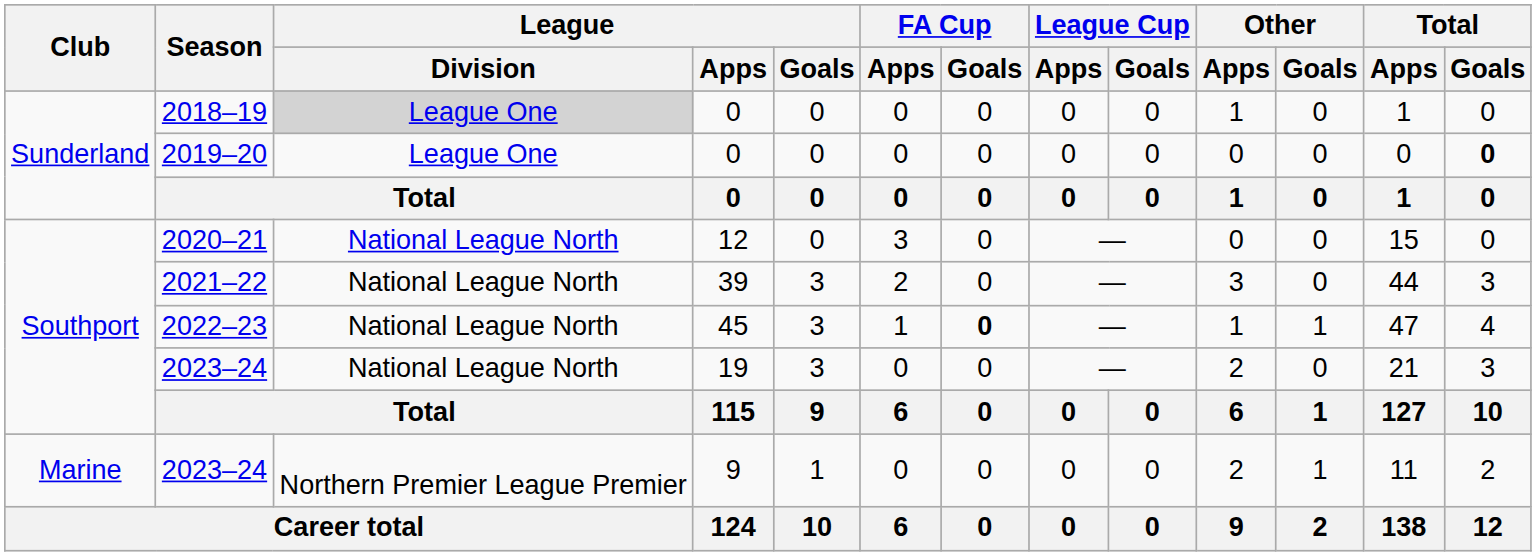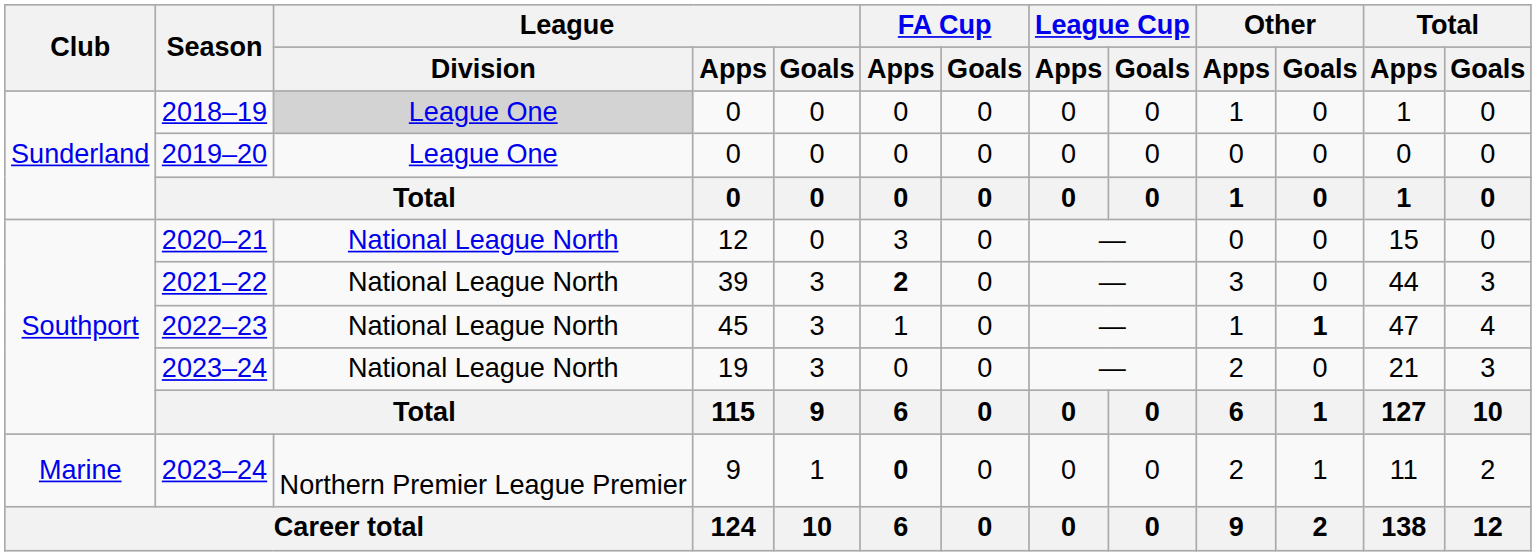 <table class="wikitable" style="text-align: center">
 <tr>
 <th rowspan="2">Club</th>
 <th rowspan="2">Season</th>
 <th colspan="3">League</th>
 <th colspan="2"><a href='#'>FA Cup</a></th>
 <th colspan="2"><a href='#'>League Cup</a></th>
 <th colspan="2">Other</th>
 <th colspan="2">Total</th>
 </tr>
 <tr>
 <th>Division</th>
 <th>Apps</th>
 <th>Goals</th>
 <th>Apps</th>
 <th>Goals</th>
 <th>Apps</th>
 <th>Goals</th>
 <th>Apps</th>
 <th>Goals</th>
 <th>Apps</th>
 <th>Goals</th>
 </tr>
 <tr>
 <td rowspan="3"><a href='#'>Sunderland</a></td>
 <td><a href='#'>2018–19</a></td>
 <td style="background: lightgrey;"><a href='#'>League One</a></td>
 <td>0</td>
 <td>0</td>
 <td>0</td>
 <td>0</td>
 <td>0</td>
 <td>0</td>
 <td>1</td>
 <td>0</td>
 <td>1</td>
 <td>0</td>
 </tr>
 <tr>
 <td><a href='#'>2019–20</a></td>
 <td><a href='#'>League One</a></td>
 <td>0</td>
 <td>0</td>
 <td>0</td>
 <td>0</td>
 <td>0</td>
 <td>0</td>
 <td>0</td>
 <td>0</td>
 <td>0</td>
-<td><strong>0</strong></td>
+<td>0</td>
 </tr>
 <tr>
 <th colspan="2">Total</th>
 <th>0</th>
 <th>0</th>
 <th>0</th>
 <th>0</th>
 <th>0</th>
 <th>0</th>
 <th>1</th>
 <th>0</th>
 <th>1</th>
 <th>0</th>
 </tr>
 <tr>
 <td rowspan="5"><a href='#'>Southport</a></td>
 <td><a href='#'>2020–21</a></td>
 <td><a href='#'>National League North</a></td>
 <td>12</td>
 <td>0</td>
 <td>3</td>
 <td>0</td>
 <td colspan="2">—</td>
 <td>0</td>
 <td>0</td>
 <td>15</td>
 <td>0</td>
 </tr>
 <tr>
 <td><a href='#'>2021–22</a></td>
 <td>National League North</td>
 <td>39</td>
 <td>3</td>
-<td>2</td>
+<td><strong>2</strong></td>
 <td>0</td>
 <td colspan="2">—</td>
 <td>3</td>
 <td>0</td>
 <td>44</td>
 <td>3</td>
 </tr>
 <tr>
 <td><a href='#'>2022–23</a></td>
 <td>National League North</td>
 <td>45</td>
 <td>3</td>
 <td>1</td>
-<td><strong>0</strong></td>
+<td>0</td>
 <td colspan="2">—</td>
 <td>1</td>
-<td>1</td>
+<td><strong>1</strong></td>
 <td>47</td>
 <td>4</td>
 </tr>
 <tr>
 <td><a href='#'>2023–24</a></td>
 <td>National League North</td>
 <td>19</td>
 <td>3</td>
 <td>0</td>
 <td>0</td>
 <td colspan="2">—</td>
 <td>2</td>
 <td>0</td>
 <td>21</td>
 <td>3</td>
 </tr>
 <tr>
 <th colspan="2">Total</th>
 <th>115</th>
 <th>9</th>
 <th>6</th>
 <th>0</th>
 <th>0</th>
 <th>0</th>
 <th>6</th>
 <th>1</th>
 <th>127</th>
 <th>10</th>
 </tr>
 <tr>
 <td><a href='#'>Marine</a></td>
 <td><a href='#'>2023–24</a></td>
 <td><br>Northern Premier League Premier</td>
 <td>9</td>
 <td>1</td>
-<td>0</td>
+<td><strong>0</strong></td>
 <td>0</td>
 <td>0</td>
 <td>0</td>
 <td>2</td>
 <td>1</td>
 <td>11</td>
 <td>2</td>
 </tr>
 <tr>
 <th colspan="3">Career total</th>
 <th>124</th>
 <th>10</th>
 <th>6</th>
 <th>0</th>
 <th>0</th>
 <th>0</th>
 <th>9</th>
 <th>2</th>
 <th>138</th>
 <th>12</th>
 </tr>
 </table>
